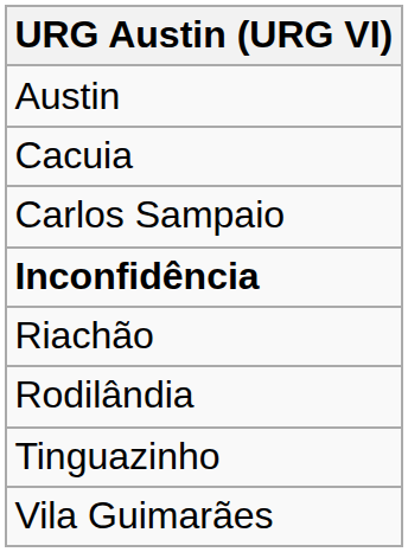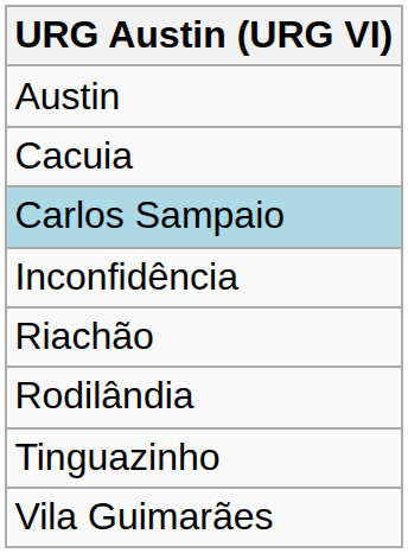 <table class="wikitable" style="margin-bottom: 10px;" border="1">
 <tr>
 <th>URG Austin (URG VI)</th>
 </tr>
 <tr>
 <td>Austin</td>
 </tr>
 <tr>
 <td>Cacuia</td>
 </tr>
 <tr>
-<td>Carlos Sampaio</td>
+<td style="background: lightblue;">Carlos Sampaio</td>
 </tr>
 <tr>
-<td><strong>Inconfidência</strong></td>
+<td>Inconfidência</td>
 </tr>
 <tr>
 <td>Riachão</td>
 </tr>
 <tr>
 <td>Rodilândia</td>
 </tr>
 <tr>
 <td>Tinguazinho</td>
 </tr>
 <tr>
 <td>Vila Guimarães</td>
 </tr>
 <tr>
 </tr>
 </table>
